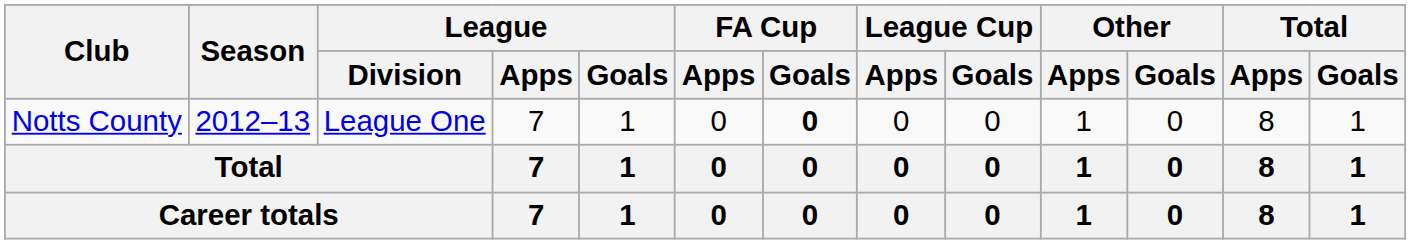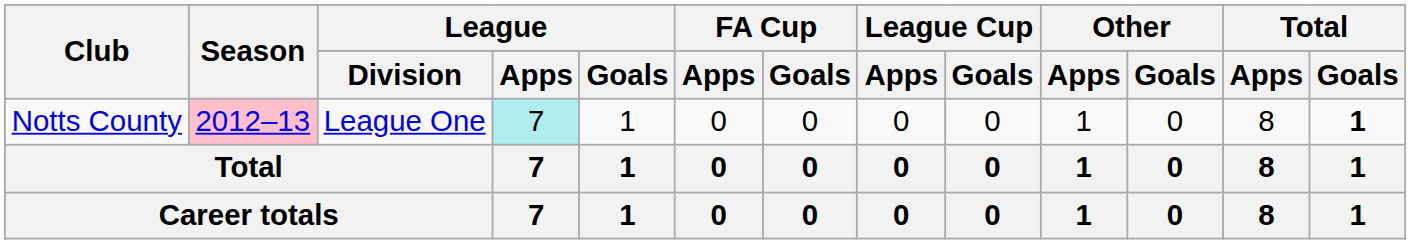 <table class="wikitable" style="text-align: center;">
 <tr>
 <th rowspan="2">Club</th>
 <th rowspan="2">Season</th>
 <th colspan="3">League</th>
 <th colspan="2">FA Cup</th>
 <th colspan="2">League Cup</th>
 <th colspan="2">Other</th>
 <th colspan="2">Total</th>
 </tr>
 <tr>
 <th>Division</th>
 <th>Apps</th>
 <th>Goals</th>
 <th>Apps</th>
 <th>Goals</th>
 <th>Apps</th>
 <th>Goals</th>
 <th>Apps</th>
 <th>Goals</th>
 <th>Apps</th>
 <th>Goals</th>
 </tr>
 <tr>
 <td rowspan="1" valign="center"><a href='#'>Notts County</a></td>
-<td><a href='#'>2012–13</a></td>
+<td style="background: pink;"><a href='#'>2012–13</a></td>
 <td><a href='#'>League One</a></td>
-<td>7</td>
+<td style="background: paleturquoise;">7</td>
 <td>1</td>
 <td>0</td>
-<td><strong>0</strong></td>
+<td>0</td>
 <td>0</td>
 <td>0</td>
 <td>1</td>
 <td>0</td>
 <td>8</td>
-<td>1</td>
+<td><strong>1</strong></td>
 </tr>
 <tr>
 <th colspan="3">Total</th>
 <th>7</th>
 <th>1</th>
 <th>0</th>
 <th>0</th>
 <th>0</th>
 <th>0</th>
 <th>1</th>
 <th>0</th>
 <th>8</th>
 <th>1</th>
 </tr>
 <tr>
 <th colspan="3">Career totals</th>
 <th>7</th>
 <th>1</th>
 <th>0</th>
 <th>0</th>
 <th>0</th>
 <th>0</th>
 <th>1</th>
 <th>0</th>
 <th>8</th>
 <th>1</th>
 </tr>
 </table>
